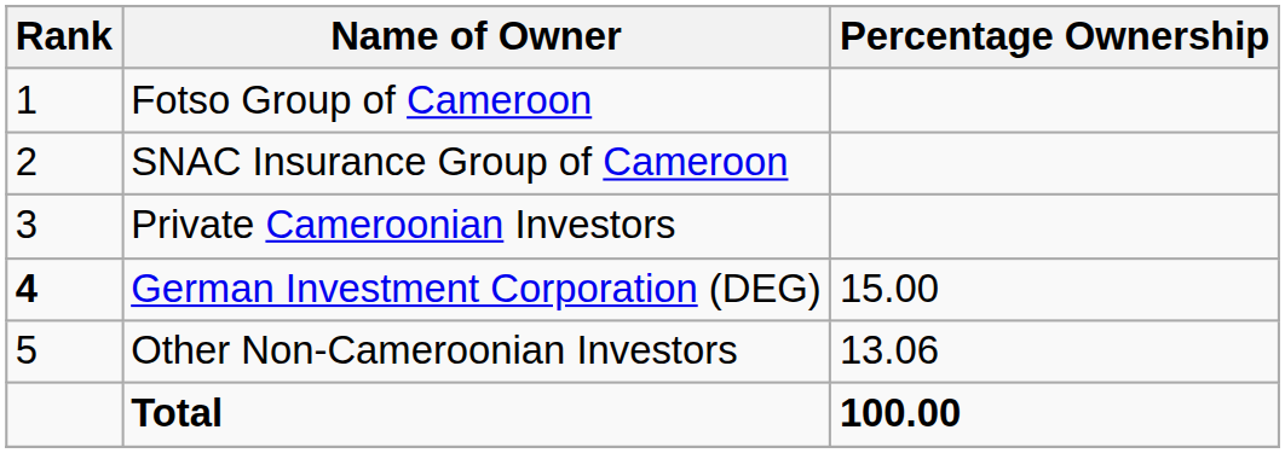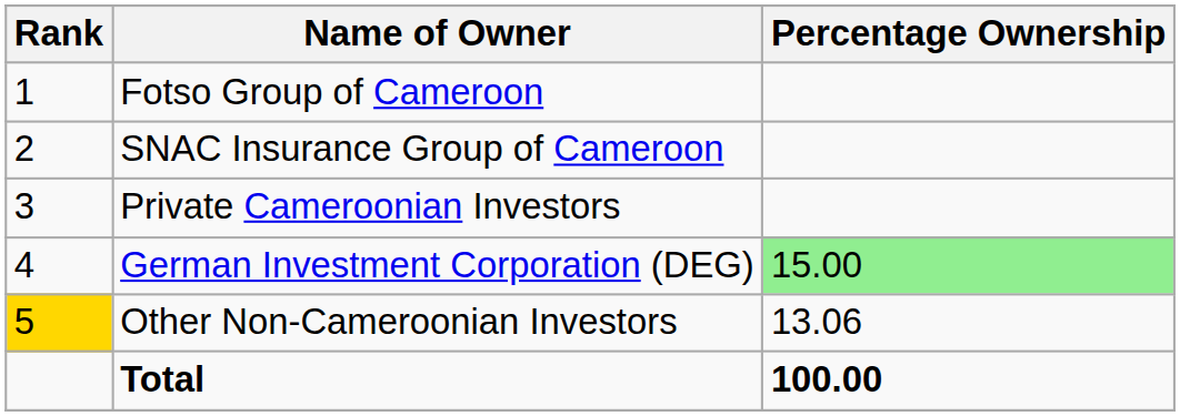 <table class="wikitable sortable" style="margin:0.5em auto">
 <tr>
 </tr>
 <tr>
 <th>Rank</th>
 <th>Name of Owner</th>
 <th>Percentage Ownership</th>
 </tr>
 <tr>
 <td>1</td>
 <td>Fotso Group of <a href='#'>Cameroon</a></td>
 <td></td>
 </tr>
 <tr>
 <td>2</td>
 <td>SNAC Insurance Group of <a href='#'>Cameroon</a></td>
 <td></td>
 </tr>
 <tr>
 <td>3</td>
 <td>Private <a href='#'>Cameroonian</a> Investors</td>
 <td></td>
 </tr>
 <tr>
-<td><strong>4</strong></td>
+<td>4</td>
 <td><a href='#'>German Investment Corporation</a> (DEG)</td>
-<td>15.00</td>
+<td style="background: lightgreen;">15.00</td>
 </tr>
 <tr>
-<td>5</td>
+<td style="background: gold;">5</td>
 <td>Other Non-Cameroonian Investors</td>
 <td>13.06</td>
 </tr>
 <tr>
 <td></td>
 <td><strong>Total</strong></td>
 <td><strong>100.00</strong></td>
 </tr>
 <tr>
 </tr>
 </table>
